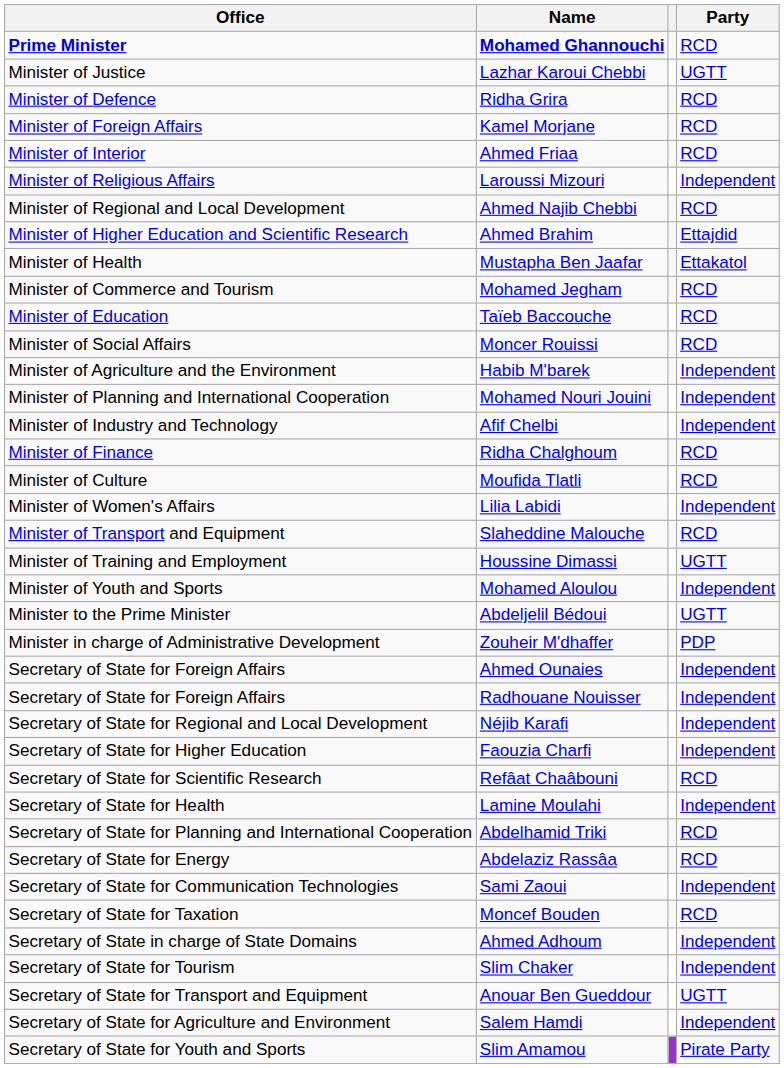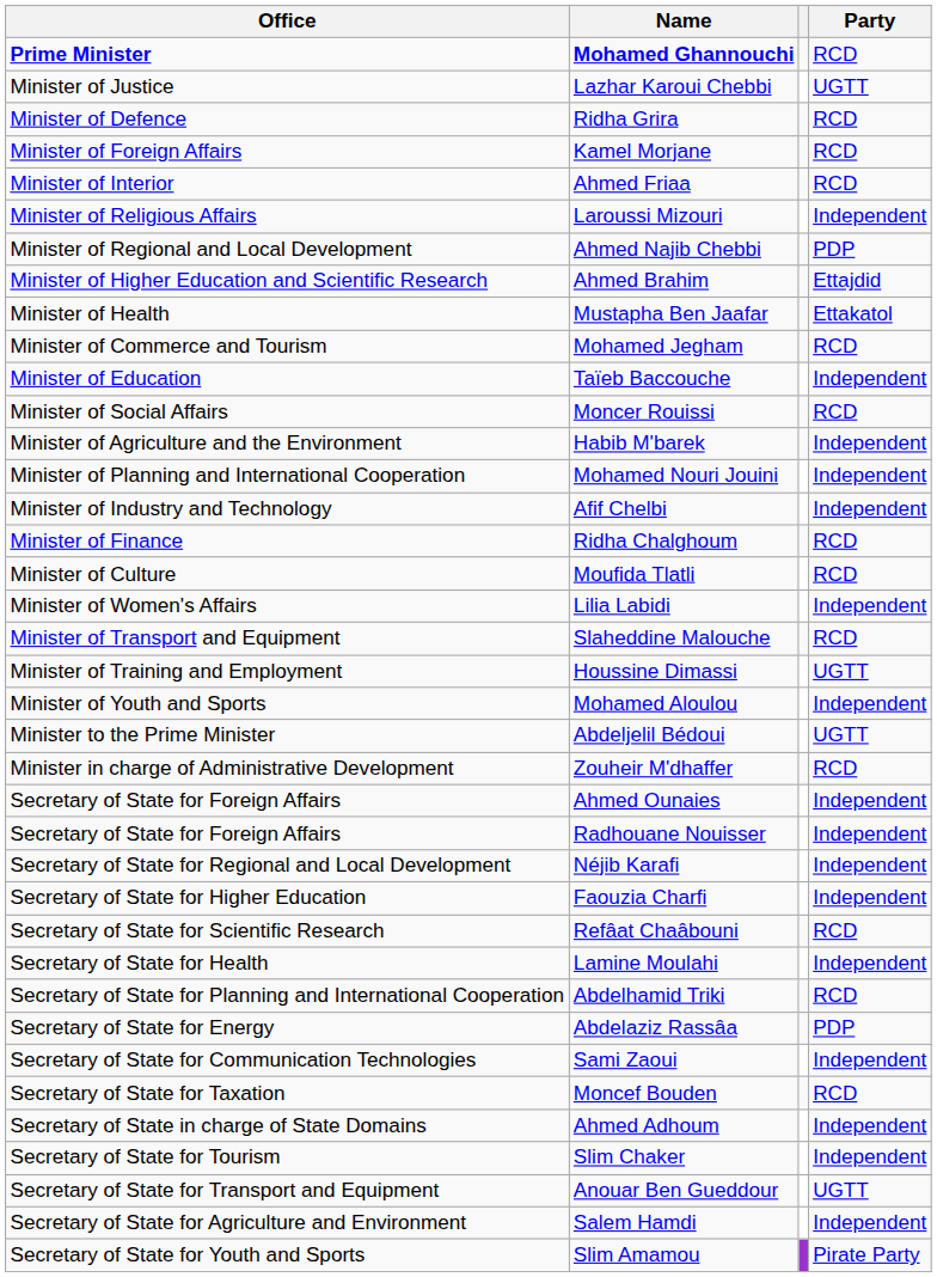 <table class="wikitable">
 <tr>
 <th>Office</th>
 <th>Name</th>
 <th></th>
 <th>Party</th>
 </tr>
 <tr>
 <td><strong><a href='#'>Prime Minister</a></strong></td>
 <td><strong><a href='#'>Mohamed Ghannouchi</a></strong></td>
 <td></td>
 <td><a href='#'>RCD</a></td>
 </tr>
 <tr>
 <td>Minister of Justice</td>
 <td><a href='#'>Lazhar Karoui Chebbi</a></td>
 <td bgcolor="#fff"></td>
 <td><a href='#'>UGTT</a></td>
 </tr>
 <tr>
 <td><a href='#'>Minister of Defence</a></td>
 <td><a href='#'>Ridha Grira</a></td>
 <td></td>
 <td><a href='#'>RCD</a></td>
 </tr>
 <tr>
 <td><a href='#'>Minister of Foreign Affairs</a></td>
 <td><a href='#'>Kamel Morjane</a></td>
 <td></td>
 <td><a href='#'>RCD</a></td>
 </tr>
 <tr>
 <td><a href='#'>Minister of Interior</a></td>
 <td><a href='#'>Ahmed Friaa</a></td>
 <td></td>
 <td><a href='#'>RCD</a></td>
 </tr>
 <tr>
 <td><a href='#'>Minister of Religious Affairs</a></td>
 <td><a href='#'>Laroussi Mizouri</a></td>
 <td bgcolor="#fff"></td>
 <td><a href='#'>Independent</a></td>
 </tr>
 <tr>
 <td>Minister of Regional and Local Development</td>
 <td><a href='#'>Ahmed Najib Chebbi</a></td>
 <td></td>
-<td><a href='#'>RCD</a></td>
+<td><a href='#'>PDP</a></td>
 </tr>
 <tr>
 <td><a href='#'>Minister of Higher Education and Scientific Research</a></td>
 <td><a href='#'>Ahmed Brahim</a></td>
 <td></td>
 <td><a href='#'>Ettajdid</a></td>
 </tr>
 <tr>
 <td>Minister of Health</td>
 <td><a href='#'>Mustapha Ben Jaafar</a></td>
 <td></td>
 <td><a href='#'>Ettakatol</a></td>
 </tr>
 <tr>
 <td>Minister of Commerce and Tourism</td>
 <td><a href='#'>Mohamed Jegham</a></td>
 <td></td>
 <td><a href='#'>RCD</a></td>
 </tr>
 <tr>
 <td><a href='#'>Minister of Education</a></td>
 <td><a href='#'>Taïeb Baccouche</a></td>
 <td bgcolor="#fff"></td>
-<td><a href='#'>RCD</a></td>
+<td><a href='#'>Independent</a></td>
 </tr>
 <tr>
 <td>Minister of Social Affairs</td>
 <td><a href='#'>Moncer Rouissi</a></td>
 <td></td>
 <td><a href='#'>RCD</a></td>
 </tr>
 <tr>
 <td>Minister of Agriculture and the Environment</td>
 <td><a href='#'>Habib M'barek</a></td>
 <td></td>
 <td><a href='#'>Independent</a></td>
 </tr>
 <tr>
 <td>Minister of Planning and International Cooperation</td>
 <td><a href='#'>Mohamed Nouri Jouini</a></td>
 <td bgcolor="#fff"></td>
 <td><a href='#'>Independent</a></td>
 </tr>
 <tr>
 <td>Minister of Industry and Technology</td>
 <td><a href='#'>Afif Chelbi</a></td>
 <td bgcolor="#fff"></td>
 <td><a href='#'>Independent</a></td>
 </tr>
 <tr>
 <td><a href='#'>Minister of Finance</a></td>
 <td><a href='#'>Ridha Chalghoum</a></td>
 <td></td>
 <td><a href='#'>RCD</a></td>
 </tr>
 <tr>
 <td>Minister of Culture</td>
 <td><a href='#'>Moufida Tlatli</a></td>
 <td bgcolor="#fff"></td>
 <td><a href='#'>RCD</a></td>
 </tr>
 <tr>
 <td>Minister of Women's Affairs</td>
 <td><a href='#'>Lilia Labidi</a></td>
 <td bgcolor="#fff"></td>
 <td><a href='#'>Independent</a></td>
 </tr>
 <tr>
 <td><a href='#'>Minister of Transport</a> and Equipment</td>
 <td><a href='#'>Slaheddine Malouche</a></td>
 <td></td>
 <td><a href='#'>RCD</a></td>
 </tr>
 <tr>
 <td>Minister of Training and Employment</td>
 <td><a href='#'>Houssine Dimassi</a></td>
 <td bgcolor="#fff"></td>
 <td><a href='#'>UGTT</a></td>
 </tr>
 <tr>
 <td>Minister of Youth and Sports</td>
 <td><a href='#'>Mohamed Aloulou</a></td>
 <td bgcolor="#fff"></td>
 <td><a href='#'>Independent</a></td>
 </tr>
 <tr>
 <td>Minister to the Prime Minister</td>
 <td><a href='#'>Abdeljelil Bédoui</a></td>
 <td bgcolor="#fff"></td>
 <td><a href='#'>UGTT</a></td>
 </tr>
 <tr>
 <td>Minister in charge of Administrative Development</td>
 <td><a href='#'>Zouheir M'dhaffer</a></td>
 <td></td>
-<td><a href='#'>PDP</a></td>
+<td><a href='#'>RCD</a></td>
 </tr>
 <tr>
 <td>Secretary of State for Foreign Affairs</td>
 <td><a href='#'>Ahmed Ounaies</a></td>
 <td bgcolor="#fff"></td>
 <td><a href='#'>Independent</a></td>
 </tr>
 <tr>
 <td>Secretary of State for Foreign Affairs</td>
 <td><a href='#'>Radhouane Nouisser</a></td>
 <td bgcolor="#fff"></td>
 <td><a href='#'>Independent</a></td>
 </tr>
 <tr>
 <td>Secretary of State for Regional and Local Development</td>
 <td><a href='#'>Néjib Karafi</a></td>
 <td bgcolor="#fff"></td>
 <td><a href='#'>Independent</a></td>
 </tr>
 <tr>
 <td>Secretary of State for Higher Education</td>
 <td><a href='#'>Faouzia Charfi</a></td>
 <td bgcolor="#fff"></td>
 <td><a href='#'>Independent</a></td>
 </tr>
 <tr>
 <td>Secretary of State for Scientific Research</td>
 <td><a href='#'>Refâat Chaâbouni</a></td>
 <td></td>
 <td><a href='#'>RCD</a></td>
 </tr>
 <tr>
 <td>Secretary of State for Health</td>
 <td><a href='#'>Lamine Moulahi</a></td>
 <td bgcolor="#fff"></td>
 <td><a href='#'>Independent</a></td>
 </tr>
 <tr>
 <td>Secretary of State for Planning and International Cooperation</td>
 <td><a href='#'>Abdelhamid Triki</a></td>
 <td></td>
 <td><a href='#'>RCD</a></td>
 </tr>
 <tr>
 <td>Secretary of State for Energy</td>
 <td><a href='#'>Abdelaziz Rassâa</a></td>
 <td></td>
-<td><a href='#'>RCD</a></td>
+<td><a href='#'>PDP</a></td>
 </tr>
 <tr>
 <td>Secretary of State for Communication Technologies</td>
 <td><a href='#'>Sami Zaoui</a></td>
 <td bgcolor="#fff"></td>
 <td><a href='#'>Independent</a></td>
 </tr>
 <tr>
 <td>Secretary of State for Taxation</td>
 <td><a href='#'>Moncef Bouden</a></td>
 <td></td>
 <td><a href='#'>RCD</a></td>
 </tr>
 <tr>
 <td>Secretary of State in charge of State Domains</td>
 <td><a href='#'>Ahmed Adhoum</a></td>
 <td bgcolor="#fff"></td>
 <td><a href='#'>Independent</a></td>
 </tr>
 <tr>
 <td>Secretary of State for Tourism</td>
 <td><a href='#'>Slim Chaker</a></td>
 <td bgcolor="#fff"></td>
 <td><a href='#'>Independent</a></td>
 </tr>
 <tr>
 <td>Secretary of State for Transport and Equipment</td>
 <td><a href='#'>Anouar Ben Gueddour</a></td>
 <td bgcolor="#fff"></td>
 <td><a href='#'>UGTT</a></td>
 </tr>
 <tr>
 <td>Secretary of State for Agriculture and Environment</td>
 <td><a href='#'>Salem Hamdi</a></td>
 <td bgcolor="#fff"></td>
 <td><a href='#'>Independent</a></td>
 </tr>
 <tr>
 <td>Secretary of State for Youth and Sports</td>
 <td><a href='#'>Slim Amamou</a></td>
 <td bgcolor="#9932CC"></td>
 <td><a href='#'>Pirate Party</a></td>
 </tr>
 <tr>
 </tr>
 </table>
